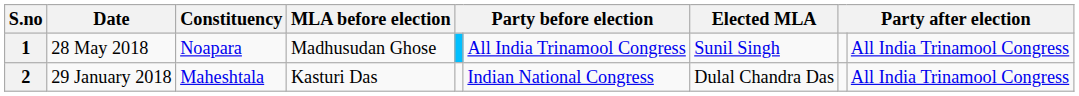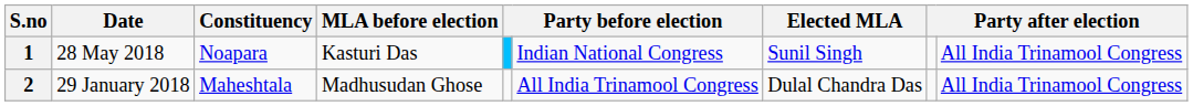 <table class="wikitable sortable">
 <tr>
 <th>S.no</th>
 <th>Date</th>
 <th>Constituency</th>
 <th>MLA before election</th>
 <th colspan="2">Party before election</th>
 <th>Elected MLA</th>
 <th colspan="2">Party after election</th>
 </tr>
 <tr>
 <th>1</th>
 <td>28 May 2018</td>
 <td><a href='#'>Noapara</a></td>
-<td>Madhusudan Ghose</td>
+<td>Kasturi Das</td>
 <td bgcolor=#00BFFF></td>
-<td><a href='#'>All India Trinamool Congress</a></td>
+<td><a href='#'>Indian National Congress</a></td>
 <td><a href='#'>Sunil Singh</a></td>
 <td></td>
 <td><a href='#'>All India Trinamool Congress</a></td>
 </tr>
 <tr>
 <th>2</th>
 <td>29 January 2018</td>
 <td><a href='#'>Maheshtala</a></td>
-<td>Kasturi Das</td>
+<td>Madhusudan Ghose</td>
 <td></td>
-<td><a href='#'>Indian National Congress</a></td>
+<td><a href='#'>All India Trinamool Congress</a></td>
 <td>Dulal Chandra Das</td>
 <td></td>
 <td><a href='#'>All India Trinamool Congress</a></td>
 </tr>
 </table>
